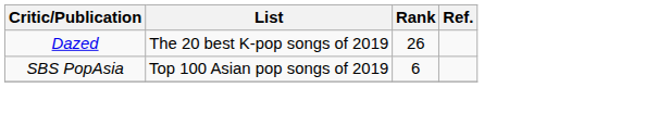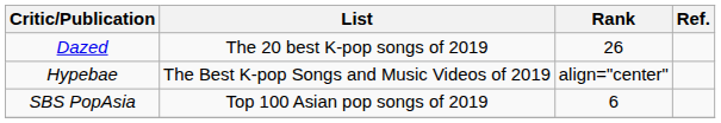 <table class="sortable wikitable">
 <tr>
 <th>Critic/Publication</th>
 <th>List</th>
 <th>Rank</th>
 <th>Ref.</th>
 </tr>
 <tr>
 <td align="center"><em><a href='#'>Dazed</a></em></td>
 <td align="center">The 20 best K-pop songs of 2019</td>
 <td align="center">26</td>
 <td></td>
 </tr>
 <tr>
+<td align="center"><em>Hypebae</em></td>
+<td align="center">The Best K-pop Songs and Music Videos of 2019</td>
+<td>align="center" </td>
+<td></td>
+</tr>
+<tr>
 <td align="center"><em>SBS PopAsia</em></td>
 <td align="center">Top 100 Asian pop songs of 2019</td>
 <td align="center">6</td>
 <td></td>
 </tr>
 <tr>
 </tr>
 </table>
